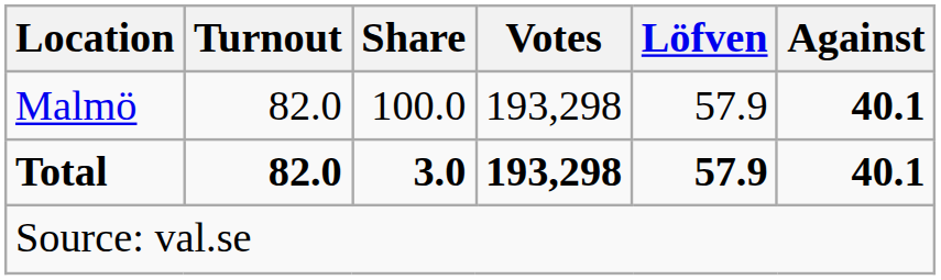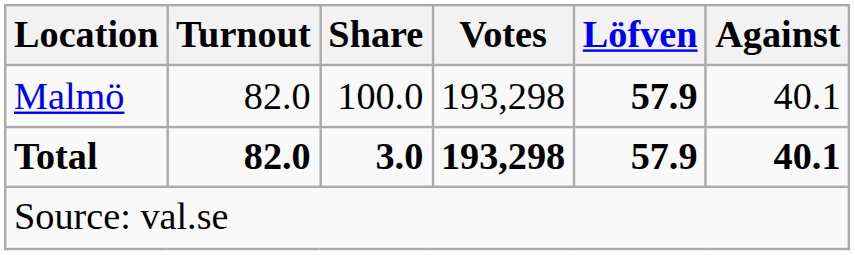 <table class="wikitable sortable" style=text-align:right>
 <tr>
 <th>Location</th>
 <th>Turnout</th>
 <th>Share</th>
 <th>Votes</th>
 <th><a href='#'>Löfven</a></th>
 <th>Against</th>
 </tr>
 <tr>
 <td align=left><a href='#'>Malmö</a></td>
 <td>82.0</td>
 <td>100.0</td>
 <td>193,298</td>
-<td>57.9</td>
-<td><strong>40.1</strong></td>
+<td><strong>57.9</strong></td>
+<td>40.1</td>
 </tr>
 <tr>
 <td align=left><strong>Total</strong></td>
 <td><strong>82.0</strong></td>
 <td><strong>3.0</strong></td>
 <td><strong>193,298</strong></td>
 <td><strong>57.9</strong></td>
 <td><strong>40.1</strong></td>
 </tr>
 <tr>
 <td align=left colspan=6>Source: val.se</td>
 </tr>
 </table>
